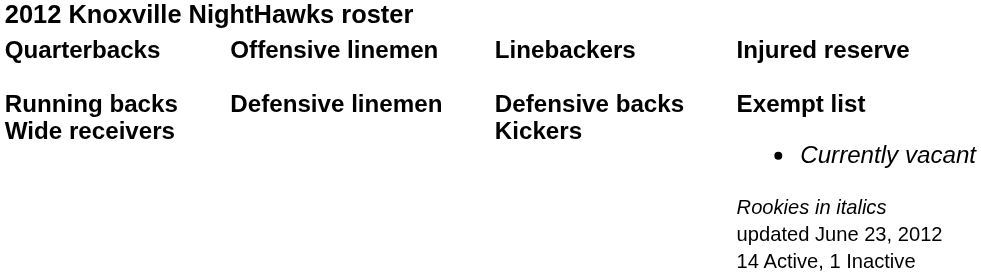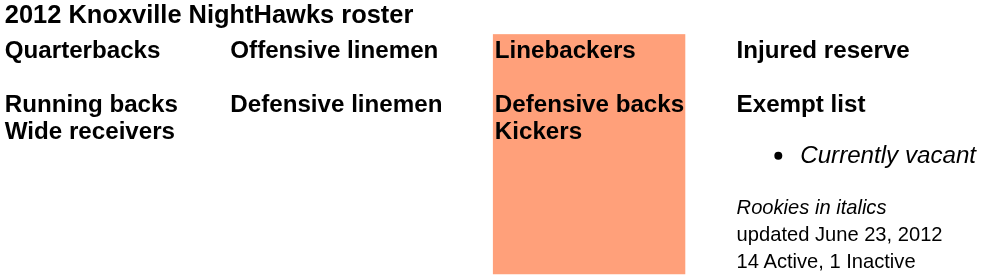 <table class="toccolours" style="text-align: left;">
 <tr>
 <th colspan="7"><strong>2012 Knoxville NightHawks roster</strong></th>
 </tr>
 <tr>
 <td style="font-size: 95%;" valign="top"><strong>Quarterbacks</strong><br><br><strong>Running backs</strong>  <br><strong>Wide receivers</strong>   </td>
 <td style="width: 25px;"></td>
 <td style="font-size: 95%;" valign="top"><strong>Offensive linemen</strong><br> <br><strong>Defensive linemen</strong> </td>
 <td style="width: 25px;"></td>
-<td style="font-size: 95%;" valign="top"><strong>Linebackers</strong><br><br><strong>Defensive backs</strong>   <br><strong>Kickers</strong> </td>
+<td style="background: lightsalmon; font-size: 95%;" valign="top"><strong>Linebackers</strong><br><br><strong>Defensive backs</strong>   <br><strong>Kickers</strong> </td>
 <td style="width: 25px;"></td>
 <td style="font-size: 95%;" valign="top"><strong>Injured reserve</strong><br><br><strong>Exempt list</strong><ul><li><em>Currently vacant</em></li></ul><small><em>Rookies in italics</em><br> updated June 23, 2012<br> 14 Active, 1 Inactive</small></td>
 </tr>
 <tr>
 </tr>
 </table>
